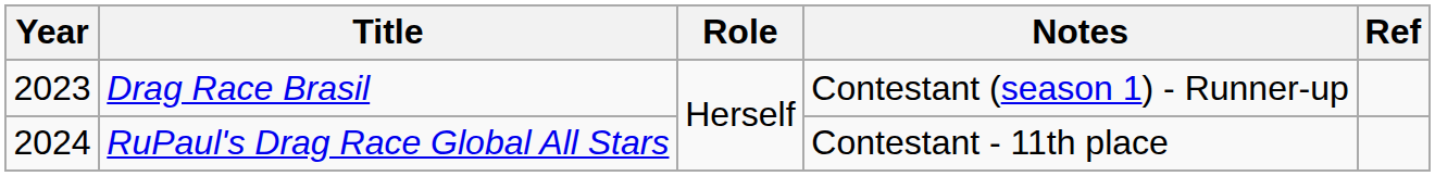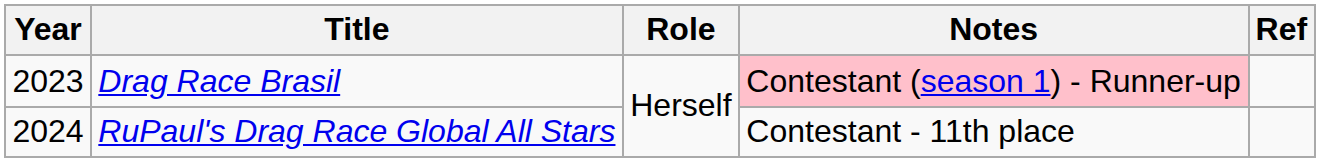 <table class="wikitable sortable">
 <tr>
 <th>Year</th>
 <th>Title</th>
 <th>Role</th>
 <th class="unsortable">Notes</th>
 <th>Ref</th>
 </tr>
 <tr>
 <td>2023</td>
 <td><em><a href='#'>Drag Race Brasil</a></em></td>
 <td rowspan="2">Herself</td>
-<td>Contestant (<a href='#'>season 1</a>) - Runner-up</td>
+<td style="background: pink;">Contestant (<a href='#'>season 1</a>) - Runner-up</td>
 <td><em></em></td>
 </tr>
 <tr>
 <td>2024</td>
 <td><em><a href='#'>RuPaul's Drag Race Global All Stars</a></em></td>
 <td>Contestant - 11th place</td>
 <td><em></em></td>
 </tr>
 </table>
